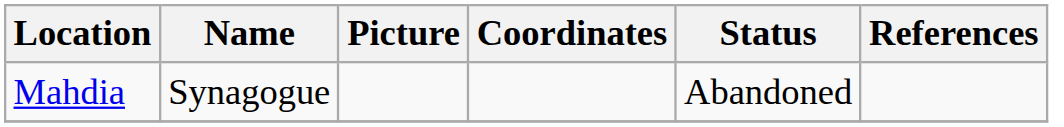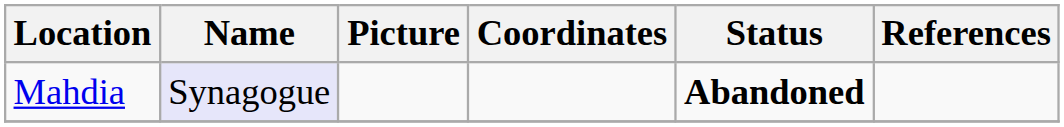 <table class="wikitable sortable">
 <tr>
 <th>Location</th>
 <th>Name</th>
 <th>Picture</th>
 <th>Coordinates</th>
 <th>Status</th>
 <th>References</th>
 </tr>
 <tr>
 <td><a href='#'>Mahdia</a></td>
-<td>Synagogue</td>
+<td style="background: lavender;">Synagogue</td>
 <td align=center></td>
 <td></td>
-<td>Abandoned</td>
+<td><strong>Abandoned</strong></td>
 <td></td>
 </tr>
 <tr>
 </tr>
 </table>
